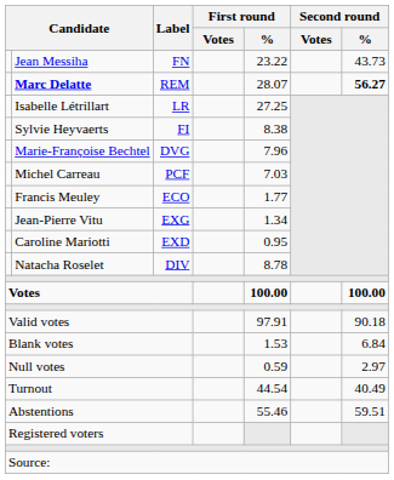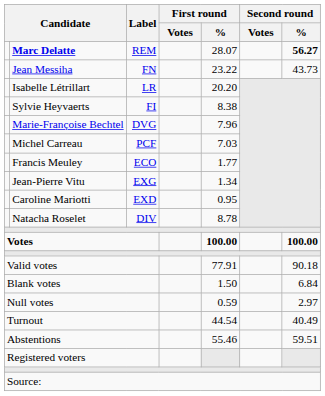 <table class="wikitable" style="text-align:right;font-size:95%;">
 <tr>
 <th colspan="2" rowspan="2">Candidate</th>
 <th rowspan="2">Label</th>
 <th colspan="2">First round</th>
 <th colspan="2">Second round</th>
 </tr>
 <tr>
 <th style="width:50px;">Votes</th>
 <th style="width:45px;">%</th>
 <th style="width:50px;">Votes</th>
 <th style="width:45px;">%</th>
 </tr>
 <tr>
 <td style="color:inherit;background:"></td>
+<td style="text-align:left;"><strong><a href='#'>Marc Delatte</a></strong></td>
+<td><a href='#'>REM</a></td>
+<td></td>
+<td>28.07</td>
+<td><strong></strong></td>
+<td><strong>56.27</strong></td>
+</tr>
+<tr>
+<td style="color:inherit;background:"></td>
 <td style="text-align:left;"><a href='#'>Jean Messiha</a></td>
 <td><a href='#'>FN</a></td>
 <td></td>
 <td>23.22</td>
 <td></td>
 <td>43.73</td>
 </tr>
 <tr>
 <td style="color:inherit;background:"></td>
-<td style="text-align:left;"><strong><a href='#'>Marc Delatte</a></strong></td>
-<td><a href='#'>REM</a></td>
-<td></td>
-<td>28.07</td>
-<td><strong></strong></td>
-<td><strong>56.27</strong></td>
-</tr>
-<tr>
-<td style="color:inherit;background:"></td>
 <td style="text-align:left;">Isabelle Létrillart</td>
 <td><a href='#'>LR</a></td>
 <td></td>
-<td>27.25</td>
+<td>20.20</td>
 <td colspan="2" rowspan="8" style="background:#E9E9E9;"></td>
 </tr>
 <tr>
 <td style="color:inherit;background:"></td>
 <td style="text-align:left;">Sylvie Heyvaerts</td>
 <td><a href='#'>FI</a></td>
 <td></td>
 <td>8.38</td>
 </tr>
 <tr>
 <td style="color:inherit;background:"></td>
 <td style="text-align:left;"><a href='#'>Marie-Françoise Bechtel</a></td>
 <td><a href='#'>DVG</a></td>
 <td></td>
 <td>7.96</td>
 </tr>
 <tr>
 <td style="color:inherit;background:"></td>
 <td style="text-align:left;">Michel Carreau</td>
 <td><a href='#'>PCF</a></td>
 <td></td>
 <td>7.03</td>
 </tr>
 <tr>
 <td style="color:inherit;background:"></td>
 <td style="text-align:left;">Francis Meuley</td>
 <td><a href='#'>ECO</a></td>
 <td></td>
 <td>1.77</td>
 </tr>
 <tr>
 <td style="color:inherit;background:"></td>
 <td style="text-align:left;">Jean-Pierre Vitu</td>
 <td><a href='#'>EXG</a></td>
 <td></td>
 <td>1.34</td>
 </tr>
 <tr>
 <td style="color:inherit;background:"></td>
 <td style="text-align:left;">Caroline Mariotti</td>
 <td><a href='#'>EXD</a></td>
 <td></td>
 <td>0.95</td>
 </tr>
 <tr>
 <td style="color:inherit;background:"></td>
 <td style="text-align:left;">Natacha Roselet</td>
 <td><a href='#'>DIV</a></td>
 <td></td>
 <td>8.78</td>
 </tr>
 <tr>
 <td colspan="7" style="background:#E9E9E9;"></td>
 </tr>
 <tr style="font-weight:bold;">
 <td colspan="3" style="text-align:left;">Votes</td>
 <td></td>
 <td>100.00</td>
 <td></td>
 <td>100.00</td>
 </tr>
 <tr>
 <td colspan="7" style="background:#E9E9E9;"></td>
 </tr>
 <tr>
 <td colspan="3" style="text-align:left;">Valid votes</td>
 <td></td>
-<td>97.91</td>
+<td>77.91</td>
 <td></td>
 <td>90.18</td>
 </tr>
 <tr>
 <td colspan="3" style="text-align:left;">Blank votes</td>
 <td></td>
-<td>1.53</td>
+<td>1.50</td>
 <td></td>
 <td>6.84</td>
 </tr>
 <tr>
 <td colspan="3" style="text-align:left;">Null votes</td>
 <td></td>
 <td>0.59</td>
 <td></td>
 <td>2.97</td>
 </tr>
 <tr>
 <td colspan="3" style="text-align:left;">Turnout</td>
 <td></td>
 <td>44.54</td>
 <td></td>
 <td>40.49</td>
 </tr>
 <tr>
 <td colspan="3" style="text-align:left;">Abstentions</td>
 <td></td>
 <td>55.46</td>
 <td></td>
 <td>59.51</td>
 </tr>
 <tr>
 <td colspan="3" style="text-align:left;">Registered voters</td>
 <td></td>
 <td style="background:#E9E9E9;"></td>
 <td></td>
 <td style="background:#E9E9E9;"></td>
 </tr>
 <tr>
 <td colspan="7" style="background:#E9E9E9;"></td>
 </tr>
 <tr>
 <td colspan="7" style="text-align:left;">Source: </td>
 </tr>
 </table>
